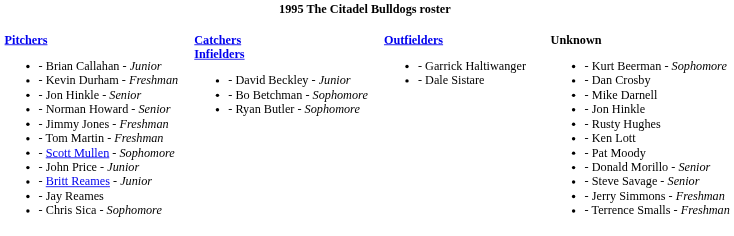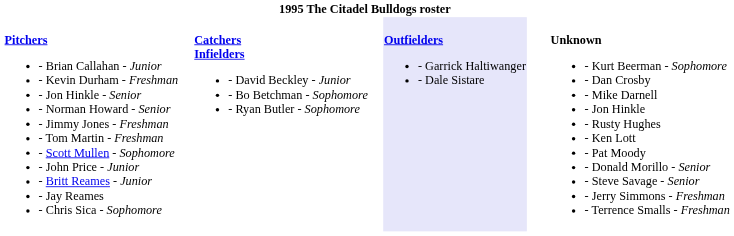 <table class="toccolours" style="border-collapse:collapse; font-size:90%;">
 <tr>
 <th colspan="9">1995 The Citadel Bulldogs roster</th>
 </tr>
 <tr>
 <td width="03"> </td>
 <td valign="top"><br><strong><a href='#'>Pitchers</a></strong><ul><li>- Brian Callahan - <em>Junior</em></li><li>- Kevin Durham - <em>Freshman</em></li><li>- Jon Hinkle - <em>Senior</em></li><li>- Norman Howard - <em>Senior</em></li><li>- Jimmy Jones - <em>Freshman</em></li><li>- Tom Martin - <em>Freshman</em></li><li>- <a href='#'>Scott Mullen</a> - <em>Sophomore</em></li><li>- John Price - <em>Junior</em></li><li>- <a href='#'>Britt Reames</a> - <em>Junior</em></li><li>- Jay Reames</li><li>- Chris Sica - <em>Sophomore</em></li></ul></td>
 <td width="15"> </td>
 <td valign="top"><br><strong><a href='#'>Catchers</a></strong><br><strong><a href='#'>Infielders</a></strong><ul><li>- David Beckley - <em>Junior</em></li><li>- Bo Betchman - <em>Sophomore</em></li><li>- Ryan Butler - <em>Sophomore</em></li></ul></td>
 <td width="15"> </td>
-<td valign="top"><br><strong><a href='#'>Outfielders</a></strong><ul><li>- Garrick Haltiwanger</li><li>- Dale Sistare</li></ul></td>
+<td valign="top" style="background: lavender;"><br><strong><a href='#'>Outfielders</a></strong><ul><li>- Garrick Haltiwanger</li><li>- Dale Sistare</li></ul></td>
 <td width="25"> </td>
 <td valign="top"><br><strong>Unknown</strong><ul><li>- Kurt Beerman - <em>Sophomore</em></li><li>- Dan Crosby</li><li>- Mike Darnell</li><li>- Jon Hinkle</li><li>- Rusty Hughes</li><li>- Ken Lott</li><li>- Pat Moody</li><li>- Donald Morillo - <em>Senior</em></li><li>- Steve Savage - <em>Senior</em></li><li>- Jerry Simmons - <em>Freshman</em></li><li>- Terrence Smalls - <em>Freshman</em></li></ul></td>
 </tr>
 </table>
